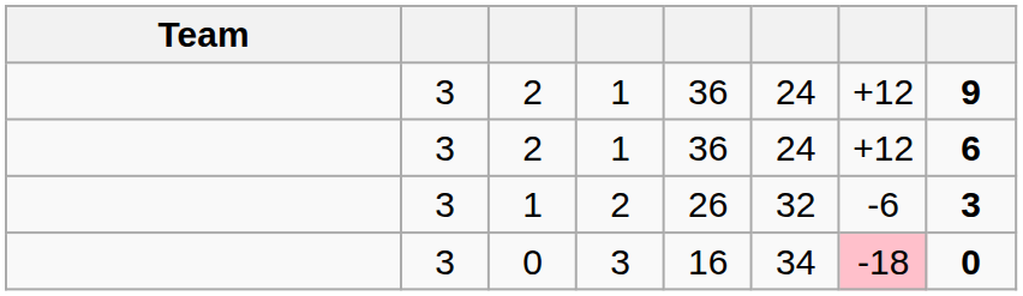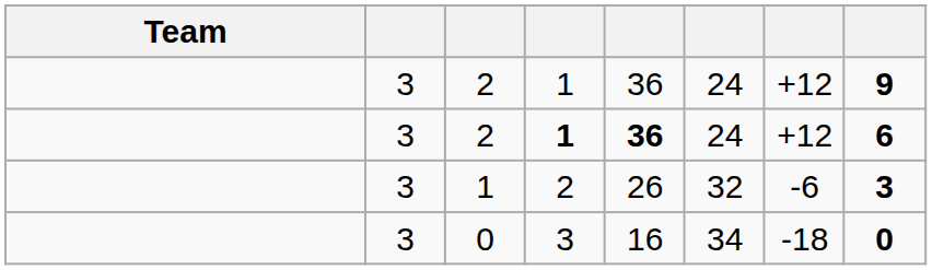 <table class="wikitable" style="text-align:center;font-size:95%">
 <tr>
 <th width=160>Team</th>
 <th width=30></th>
 <th width=30></th>
 <th width=30></th>
 <th width=30></th>
 <th width=30></th>
 <th width=30></th>
 <th width=30></th>
 </tr>
 <tr>
 <td align="left"></td>
 <td>3</td>
 <td>2</td>
 <td>1</td>
 <td>36</td>
 <td>24</td>
 <td>+12</td>
 <td><strong>9</strong></td>
 </tr>
 <tr>
 <td align="left"></td>
 <td>3</td>
 <td>2</td>
-<td>1</td>
-<td>36</td>
+<td><strong>1</strong></td>
+<td><strong>36</strong></td>
 <td>24</td>
 <td>+12</td>
 <td><strong>6</strong></td>
 </tr>
 <tr>
 <td align="left"></td>
 <td>3</td>
 <td>1</td>
 <td>2</td>
 <td>26</td>
 <td>32</td>
 <td>-6</td>
 <td><strong>3</strong></td>
 </tr>
 <tr>
 <td align="left"></td>
 <td>3</td>
 <td>0</td>
 <td>3</td>
 <td>16</td>
 <td>34</td>
-<td style="background: pink;">-18</td>
+<td>-18</td>
 <td><strong>0</strong></td>
 </tr>
 </table>
